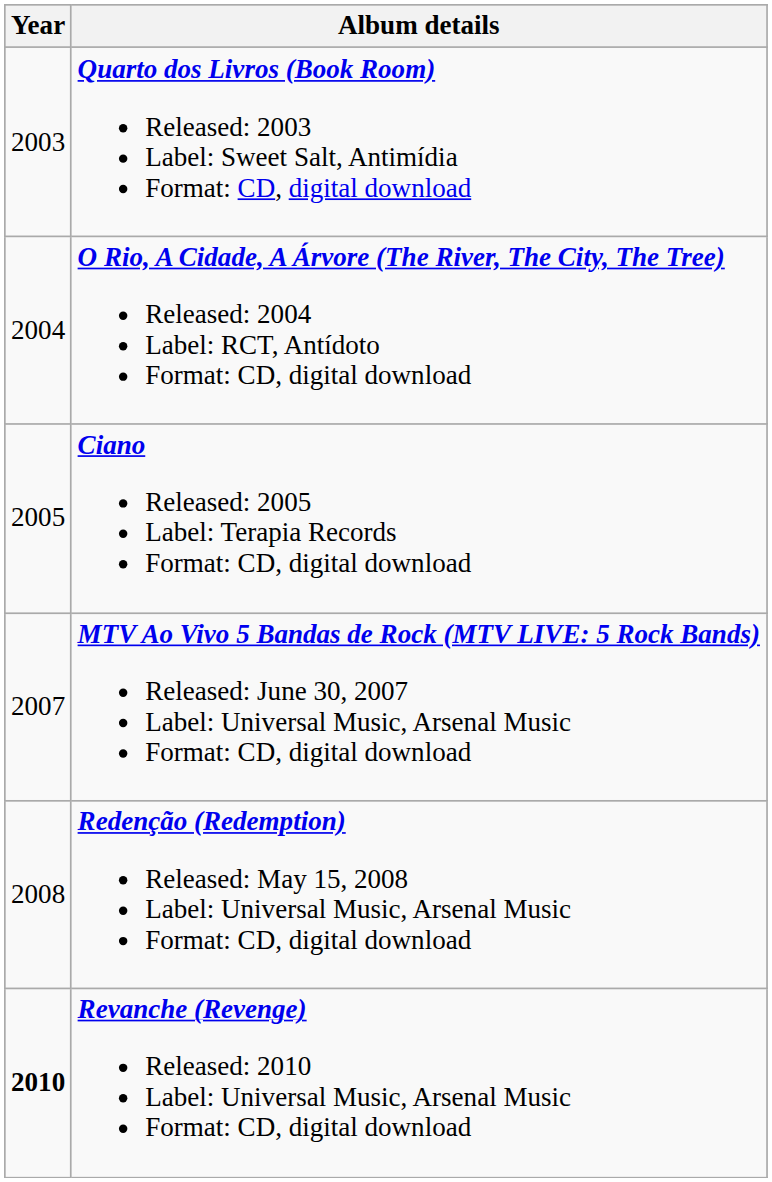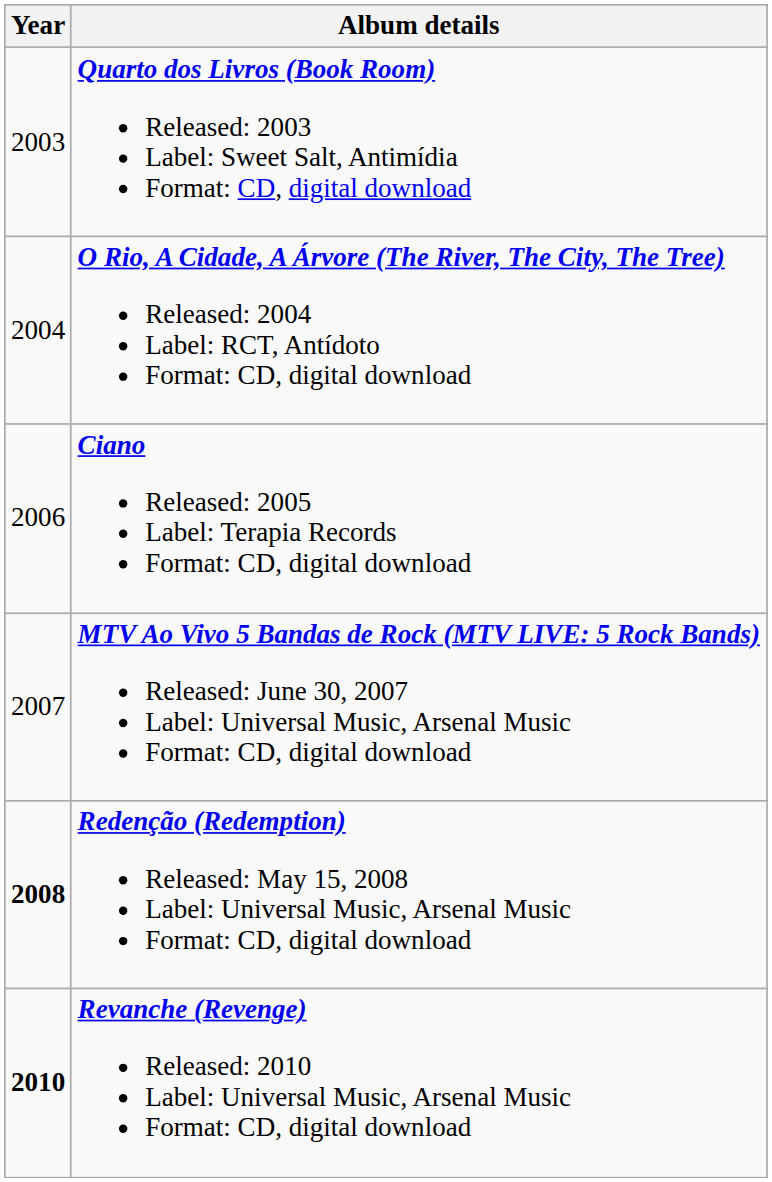 <table class="wikitable" style=text-align:center;>
 <tr>
 <th align="left">Year</th>
 <th align="left">Album details</th>
 </tr>
 <tr>
 <td>2003</td>
 <td align=left><strong><em><a href='#'>Quarto dos Livros (Book Room)</a></em></strong><br><ul><li>Released: 2003</li><li>Label: Sweet Salt, Antimídia</li><li>Format: <a href='#'>CD</a>, <a href='#'>digital download</a></li></ul></td>
 </tr>
 <tr>
 <td>2004</td>
 <td align=left><strong><em><a href='#'>O Rio, A Cidade, A Árvore (The River, The City, The Tree)</a></em></strong><br><ul><li>Released: 2004</li><li>Label: RCT, Antídoto</li><li>Format: CD, digital download</li></ul></td>
 </tr>
 <tr>
-<td>2005</td>
+<td>2006</td>
 <td align=left><strong><em><a href='#'>Ciano</a></em></strong><br><ul><li>Released: 2005</li><li>Label: Terapia Records</li><li>Format: CD, digital download</li></ul></td>
 </tr>
 <tr>
 <td>2007</td>
 <td align=left><strong><em><a href='#'>MTV Ao Vivo 5 Bandas de Rock (MTV LIVE: 5 Rock Bands)</a></em></strong><br><ul><li>Released: June 30, 2007</li><li>Label: Universal Music, Arsenal Music</li><li>Format: CD, digital download</li></ul></td>
 </tr>
 <tr>
-<td>2008</td>
+<td><strong>2008</strong></td>
 <td align=left><strong><em><a href='#'>Redenção (Redemption)</a></em></strong><br><ul><li>Released: May 15, 2008</li><li>Label: Universal Music, Arsenal Music</li><li>Format: CD, digital download</li></ul></td>
 </tr>
 <tr>
 <td><strong>2010</strong></td>
 <td align=left><strong><em><a href='#'>Revanche (Revenge)</a></em></strong><br><ul><li>Released: 2010</li><li>Label: Universal Music, Arsenal Music</li><li>Format: CD, digital download</li></ul></td>
 </tr>
 </table>
